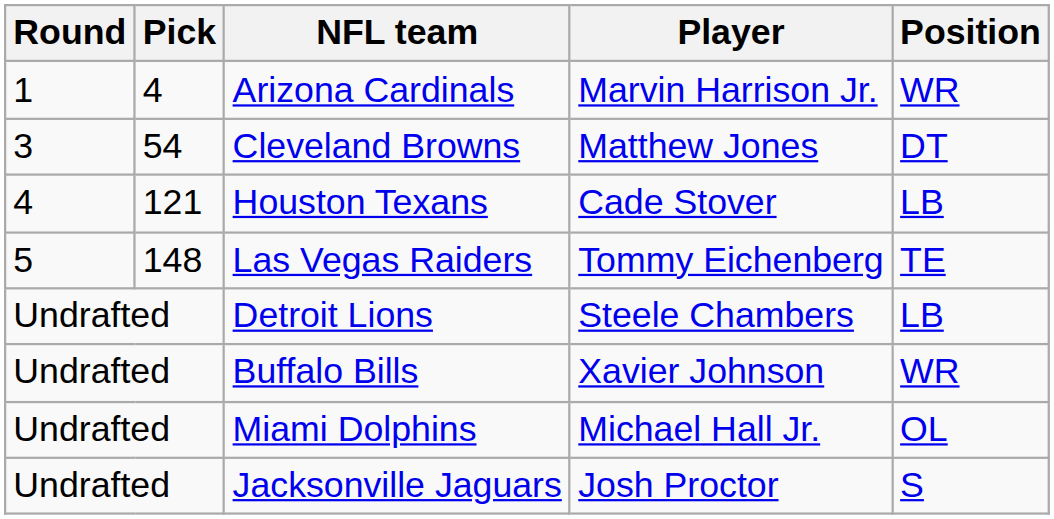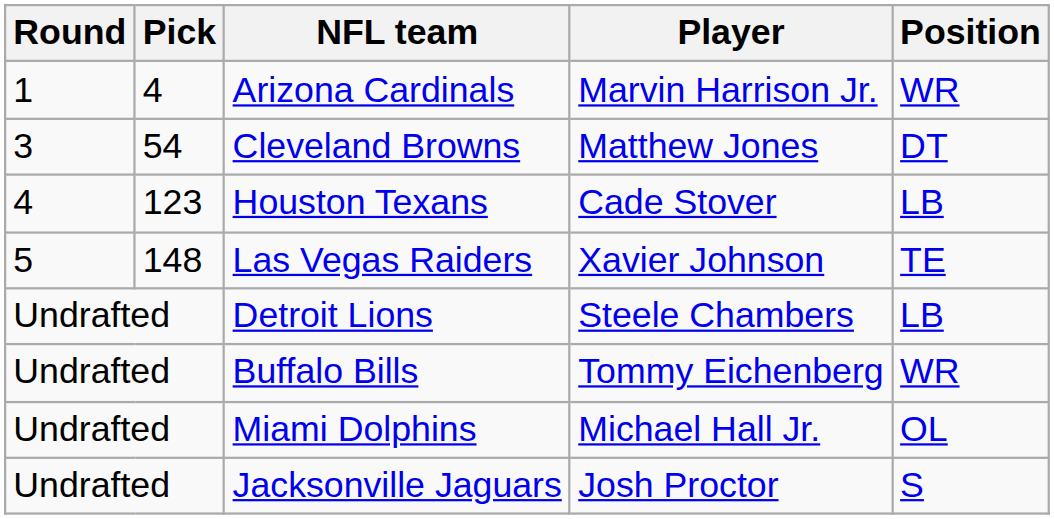 <table class="wikitable">
 <tr>
 <th style="text-align:center;">Round</th>
 <th style="text-align:center;">Pick</th>
 <th style="text-align:center;">NFL team</th>
 <th style="text-align:center;">Player</th>
 <th style="text-align:center;">Position</th>
 </tr>
 <tr>
 <td>1</td>
 <td>4</td>
 <td><a href='#'>Arizona Cardinals</a></td>
 <td><a href='#'>Marvin Harrison Jr.</a></td>
 <td><a href='#'>WR</a></td>
 </tr>
 <tr>
 <td>3</td>
 <td>54</td>
 <td><a href='#'>Cleveland Browns</a></td>
 <td><a href='#'>Matthew Jones</a></td>
 <td><a href='#'>DT</a></td>
 </tr>
 <tr>
 <td>4</td>
-<td>121</td>
+<td>123</td>
 <td><a href='#'>Houston Texans</a></td>
 <td><a href='#'>Cade Stover</a></td>
 <td><a href='#'>LB</a></td>
 </tr>
 <tr>
 <td>5</td>
 <td>148</td>
 <td><a href='#'>Las Vegas Raiders</a></td>
-<td><a href='#'>Tommy Eichenberg</a></td>
+<td><a href='#'>Xavier Johnson</a></td>
 <td><a href='#'>TE</a></td>
 </tr>
 <tr>
 <td colspan="2">Undrafted</td>
 <td><a href='#'>Detroit Lions</a></td>
 <td><a href='#'>Steele Chambers</a></td>
 <td><a href='#'>LB</a></td>
 </tr>
 <tr>
 <td colspan="2">Undrafted</td>
 <td><a href='#'>Buffalo Bills</a></td>
-<td><a href='#'>Xavier Johnson</a></td>
+<td><a href='#'>Tommy Eichenberg</a></td>
 <td><a href='#'>WR</a></td>
 </tr>
 <tr>
 <td colspan="2">Undrafted</td>
 <td><a href='#'>Miami Dolphins</a></td>
 <td><a href='#'>Michael Hall Jr.</a></td>
 <td><a href='#'>OL</a></td>
 </tr>
 <tr>
 <td colspan="2">Undrafted</td>
 <td><a href='#'>Jacksonville Jaguars</a></td>
 <td><a href='#'>Josh Proctor</a></td>
 <td><a href='#'>S</a></td>
 </tr>
 </table>
